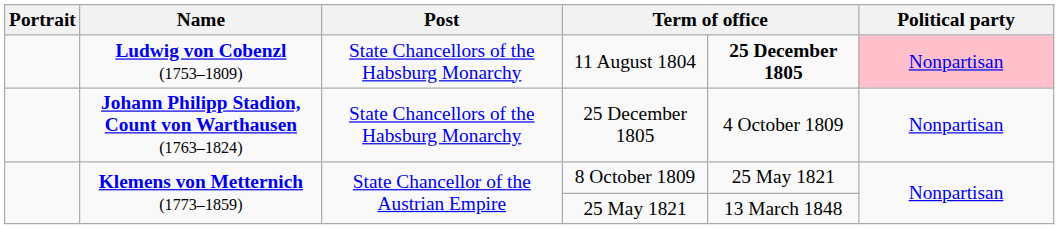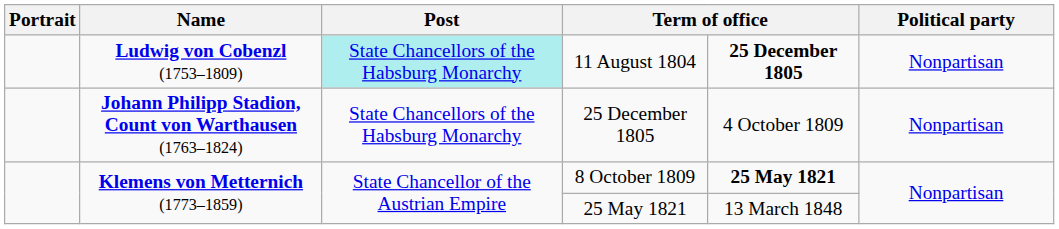 <table class="wikitable" style="text-align: center;">
 <tr>
 <th width=70 colspan=1>Portrait</th>
 <th width=25%>Name <br> </th>
 <th width=25%>Post</th>
 <th width=30% colspan=2>Term of office</th>
 <th width=25%>Political party</th>
 </tr>
 <tr>
 <td></td>
 <td><strong><a href='#'>Ludwig von Cobenzl</a></strong><br><small>(1753–1809)</small></td>
-<td><a href='#'>State Chancellors of the Habsburg Monarchy</a></td>
+<td style="background: paleturquoise;"><a href='#'>State Chancellors of the Habsburg Monarchy</a></td>
 <td>11 August 1804</td>
 <td><strong>25 December 1805</strong></td>
-<td style="background: pink;"><a href='#'>Nonpartisan</a></td>
+<td><a href='#'>Nonpartisan</a></td>
 </tr>
 <tr>
 <td></td>
 <td><strong><a href='#'>Johann Philipp Stadion, Count von Warthausen</a></strong><br><small>(1763–1824)</small></td>
 <td><a href='#'>State Chancellors of the Habsburg Monarchy</a></td>
 <td>25 December 1805</td>
 <td>4 October 1809</td>
 <td><a href='#'>Nonpartisan</a></td>
 </tr>
 <tr>
 <td rowspan=2></td>
 <td rowspan=2><strong><a href='#'>Klemens von Metternich</a></strong><br><small>(1773–1859)</small></td>
 <td rowspan=2><a href='#'>State Chancellor of the Austrian Empire</a></td>
 <td>8 October 1809</td>
-<td>25 May 1821</td>
+<td><strong>25 May 1821</strong></td>
 <td rowspan=2><a href='#'>Nonpartisan</a></td>
 </tr>
 <tr>
 <td>25 May 1821</td>
 <td>13 March 1848</td>
 </tr>
 </table>
